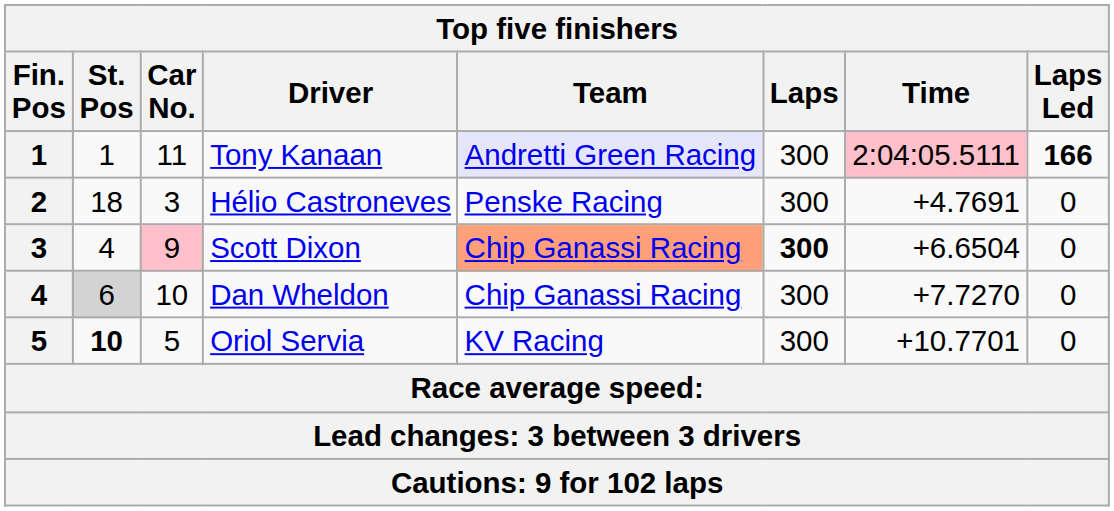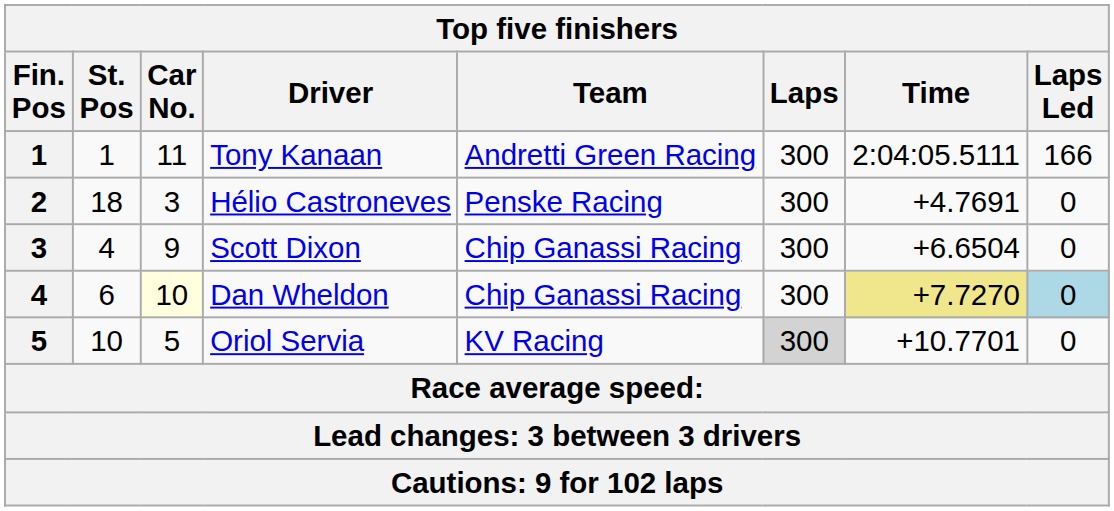 <table class="wikitable" style="font-size:95%;text-align:center">
 <tr>
 <th colspan=9>Top five finishers</th>
 </tr>
 <tr>
 <th>Fin.<br>Pos</th>
 <th>St.<br>Pos</th>
 <th>Car<br>No.</th>
 <th>Driver</th>
 <th>Team</th>
 <th>Laps</th>
 <th>Time</th>
 <th>Laps<br>Led</th>
 </tr>
 <tr>
 <th>1</th>
 <td>1</td>
 <td>11</td>
 <td style="text-align:left"> <a href='#'>Tony Kanaan</a></td>
-<td style="background: lavender; text-align:left"><a href='#'>Andretti Green Racing</a></td>
+<td style="text-align:left"><a href='#'>Andretti Green Racing</a></td>
 <td>300</td>
-<td align=right style="background: pink;">2:04:05.5111</td>
-<td><strong>166</strong></td>
+<td align=right>2:04:05.5111</td>
+<td>166</td>
 </tr>
 <tr>
 <th>2</th>
 <td>18</td>
 <td>3</td>
 <td style="text-align:left"> <a href='#'>Hélio Castroneves</a></td>
 <td style="text-align:left"><a href='#'>Penske Racing</a></td>
 <td>300</td>
 <td align=right>+4.7691</td>
 <td>0</td>
 </tr>
 <tr>
 <th>3</th>
 <td>4</td>
-<td style="background: pink;">9</td>
+<td>9</td>
 <td style="text-align:left"> <a href='#'>Scott Dixon</a></td>
-<td style="background: lightsalmon; text-align:left"><a href='#'>Chip Ganassi Racing</a></td>
-<td><strong>300</strong></td>
+<td style="text-align:left"><a href='#'>Chip Ganassi Racing</a></td>
+<td>300</td>
 <td align=right>+6.6504</td>
 <td>0</td>
 </tr>
 <tr>
 <th>4</th>
-<td style="background: lightgrey;">6</td>
-<td>10</td>
+<td>6</td>
+<td style="background: lightyellow;">10</td>
 <td style="text-align:left"> <a href='#'>Dan Wheldon</a></td>
 <td style="text-align:left"><a href='#'>Chip Ganassi Racing</a></td>
 <td>300</td>
-<td align=right>+7.7270</td>
-<td>0</td>
+<td align=right style="background: khaki;">+7.7270</td>
+<td style="background: lightblue;">0</td>
 </tr>
 <tr>
 <th>5</th>
-<td><strong>10</strong></td>
+<td>10</td>
 <td>5</td>
 <td style="text-align:left"> <a href='#'>Oriol Servia</a></td>
 <td style="text-align:left"><a href='#'>KV Racing</a></td>
-<td>300</td>
+<td style="background: lightgrey;">300</td>
 <td align=right>+10.7701</td>
 <td>0</td>
 </tr>
 <tr>
 <th colspan=9>Race average speed: </th>
 </tr>
 <tr>
 <th colspan=9>Lead changes: 3 between 3 drivers</th>
 </tr>
 <tr>
 <th colspan=9>Cautions: 9 for 102 laps</th>
 </tr>
 </table>
